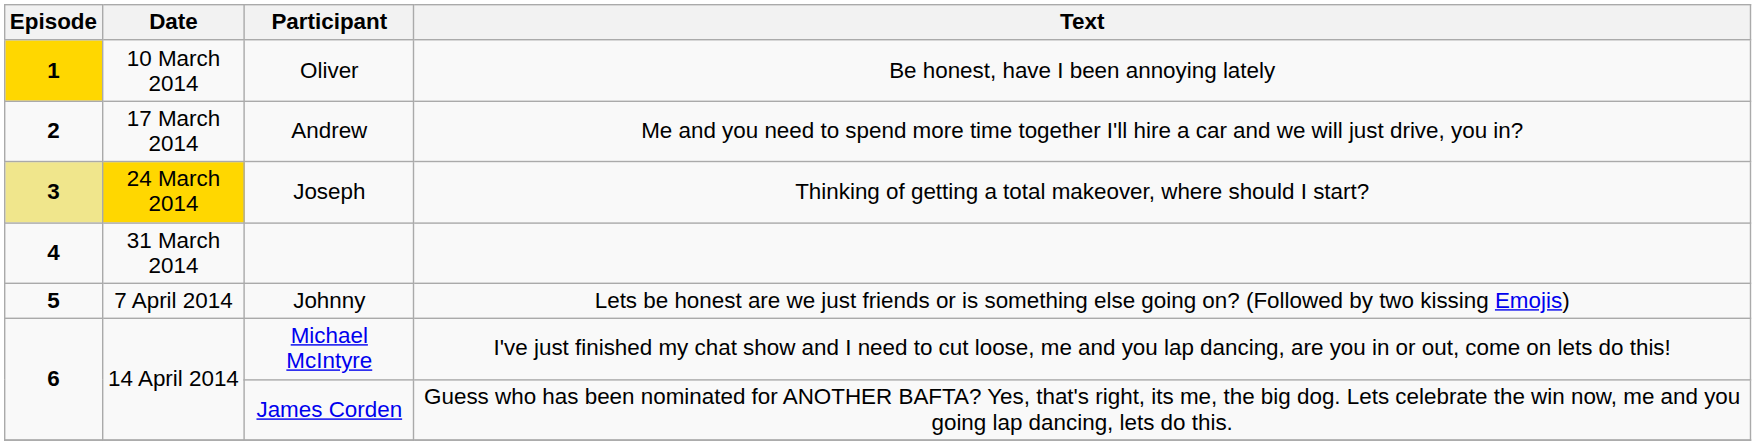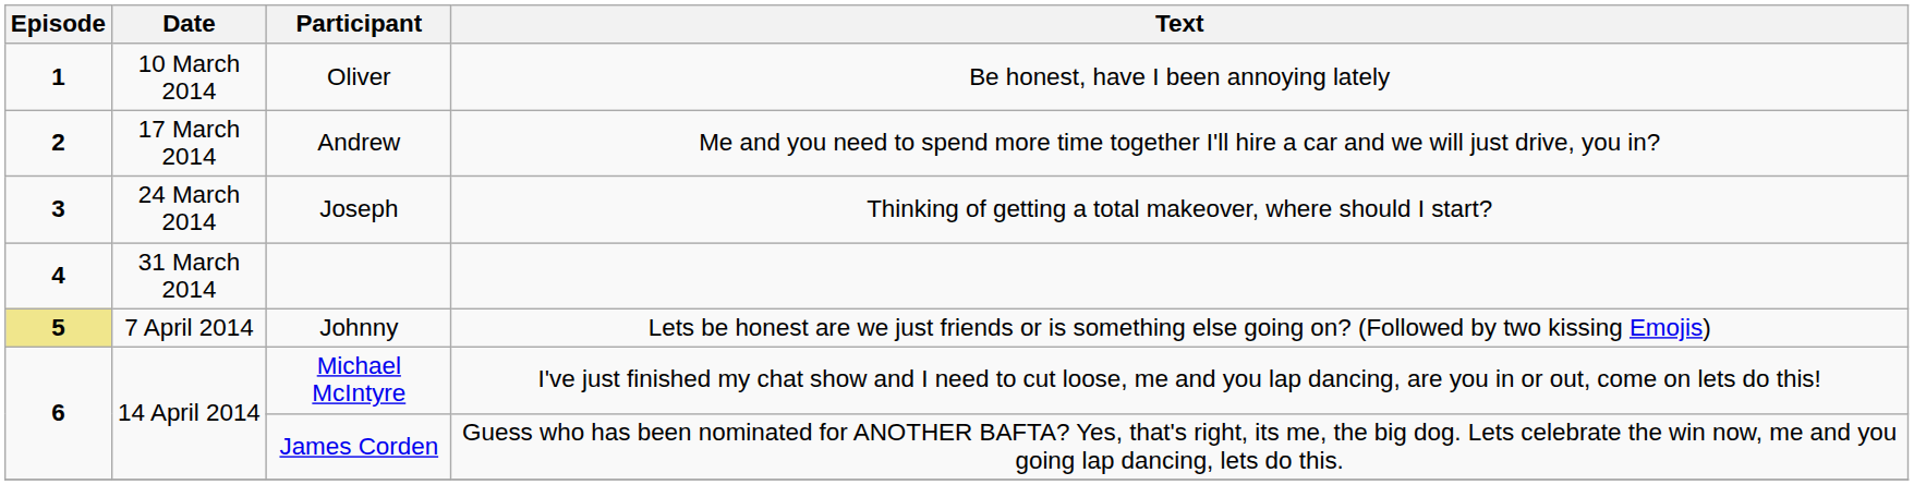 <table class="wikitable" style="text-align:center;">
 <tr>
 <th>Episode</th>
 <th>Date</th>
 <th>Participant</th>
 <th>Text</th>
 </tr>
 <tr>
-<td style="background: gold;"><strong>1</strong></td>
+<td><strong>1</strong></td>
 <td>10 March 2014</td>
 <td>Oliver</td>
 <td>Be honest, have I been annoying lately</td>
 </tr>
 <tr>
 <td><strong>2</strong></td>
 <td>17 March 2014</td>
 <td>Andrew</td>
 <td>Me and you need to spend more time together I'll hire a car and we will just drive, you in?</td>
 </tr>
 <tr>
-<td style="background: khaki;"><strong>3</strong></td>
-<td style="background: gold;">24 March 2014</td>
+<td><strong>3</strong></td>
+<td>24 March 2014</td>
 <td>Joseph</td>
 <td>Thinking of getting a total makeover, where should I start?</td>
 </tr>
 <tr>
 <td><strong>4</strong></td>
 <td>31 March 2014</td>
 <td></td>
 <td></td>
 </tr>
 <tr>
-<td><strong>5</strong></td>
+<td style="background: khaki;"><strong>5</strong></td>
 <td>7 April 2014</td>
 <td>Johnny</td>
 <td>Lets be honest are we just friends or is something else going on? (Followed by two kissing <a href='#'>Emojis</a>)</td>
 </tr>
 <tr>
 <td rowspan=2><strong>6</strong></td>
 <td rowspan=2>14 April 2014</td>
 <td><a href='#'>Michael McIntyre</a></td>
 <td>I've just finished my chat show and I need to cut loose, me and you lap dancing, are you in or out, come on lets do this!</td>
 </tr>
 <tr>
 <td><a href='#'>James Corden</a></td>
 <td>Guess who has been nominated for ANOTHER BAFTA? Yes, that's right, its me, the big dog. Lets celebrate the win now, me and you going lap dancing, lets do this.</td>
 </tr>
 <tr>
 </tr>
 </table>
